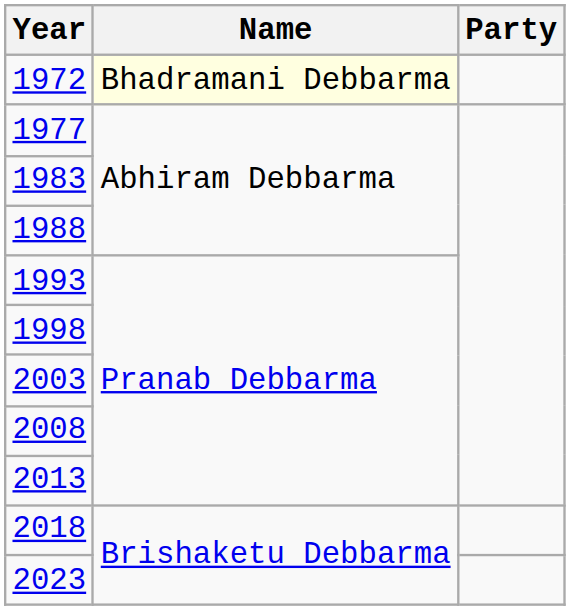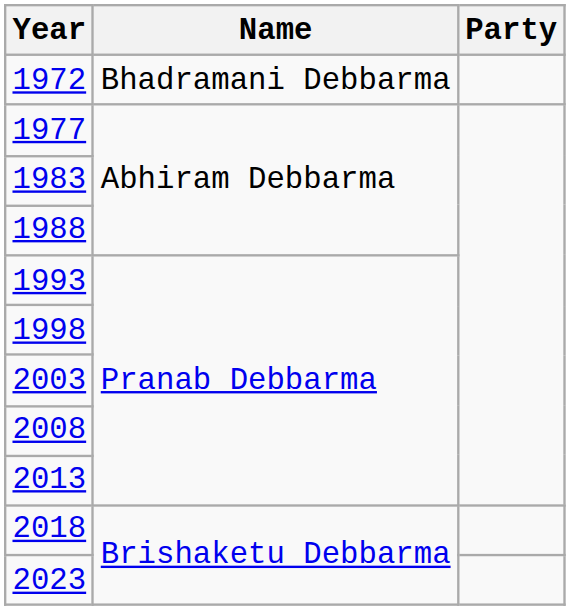 <table class="wikitable sortable">
 <tr>
 <th>Year</th>
 <th>Name</th>
 <th colspan="2">Party</th>
 </tr>
 <tr>
 <td><a href='#'>1972</a></td>
-<td style="background: lightyellow;">Bhadramani Debbarma</td>
+<td>Bhadramani Debbarma</td>
 <td></td>
 </tr>
 <tr>
 <td><a href='#'>1977</a></td>
 <td rowspan=3>Abhiram Debbarma</td>
 </tr>
 <tr>
 <td><a href='#'>1983</a></td>
 </tr>
 <tr>
 <td><a href='#'>1988</a></td>
 </tr>
 <tr>
 <td><a href='#'>1993</a></td>
 <td rowspan=5><a href='#'>Pranab Debbarma</a></td>
 </tr>
 <tr>
 <td><a href='#'>1998</a></td>
 </tr>
 <tr>
 <td><a href='#'>2003</a></td>
 </tr>
 <tr>
 <td><a href='#'>2008</a></td>
 </tr>
 <tr>
 <td><a href='#'>2013</a></td>
 </tr>
 <tr>
 <td><a href='#'>2018</a></td>
 <td rowspan=2><a href='#'>Brishaketu Debbarma</a></td>
 <td></td>
 </tr>
 <tr>
 <td><a href='#'>2023</a></td>
 <td></td>
 </tr>
 </table>
